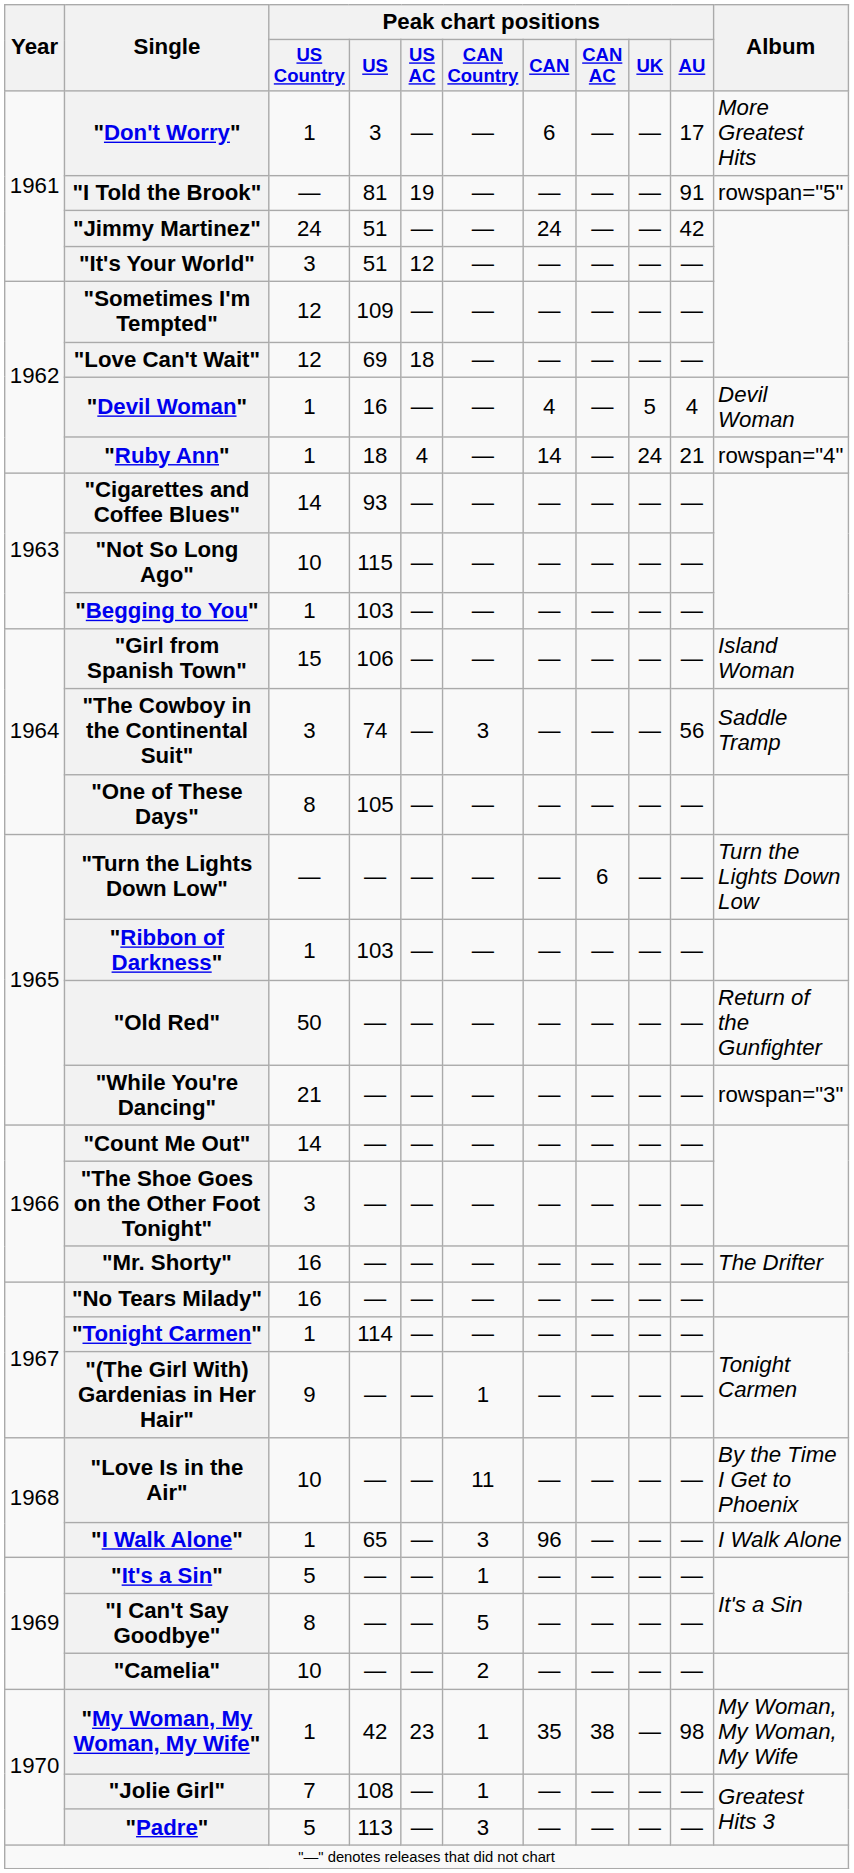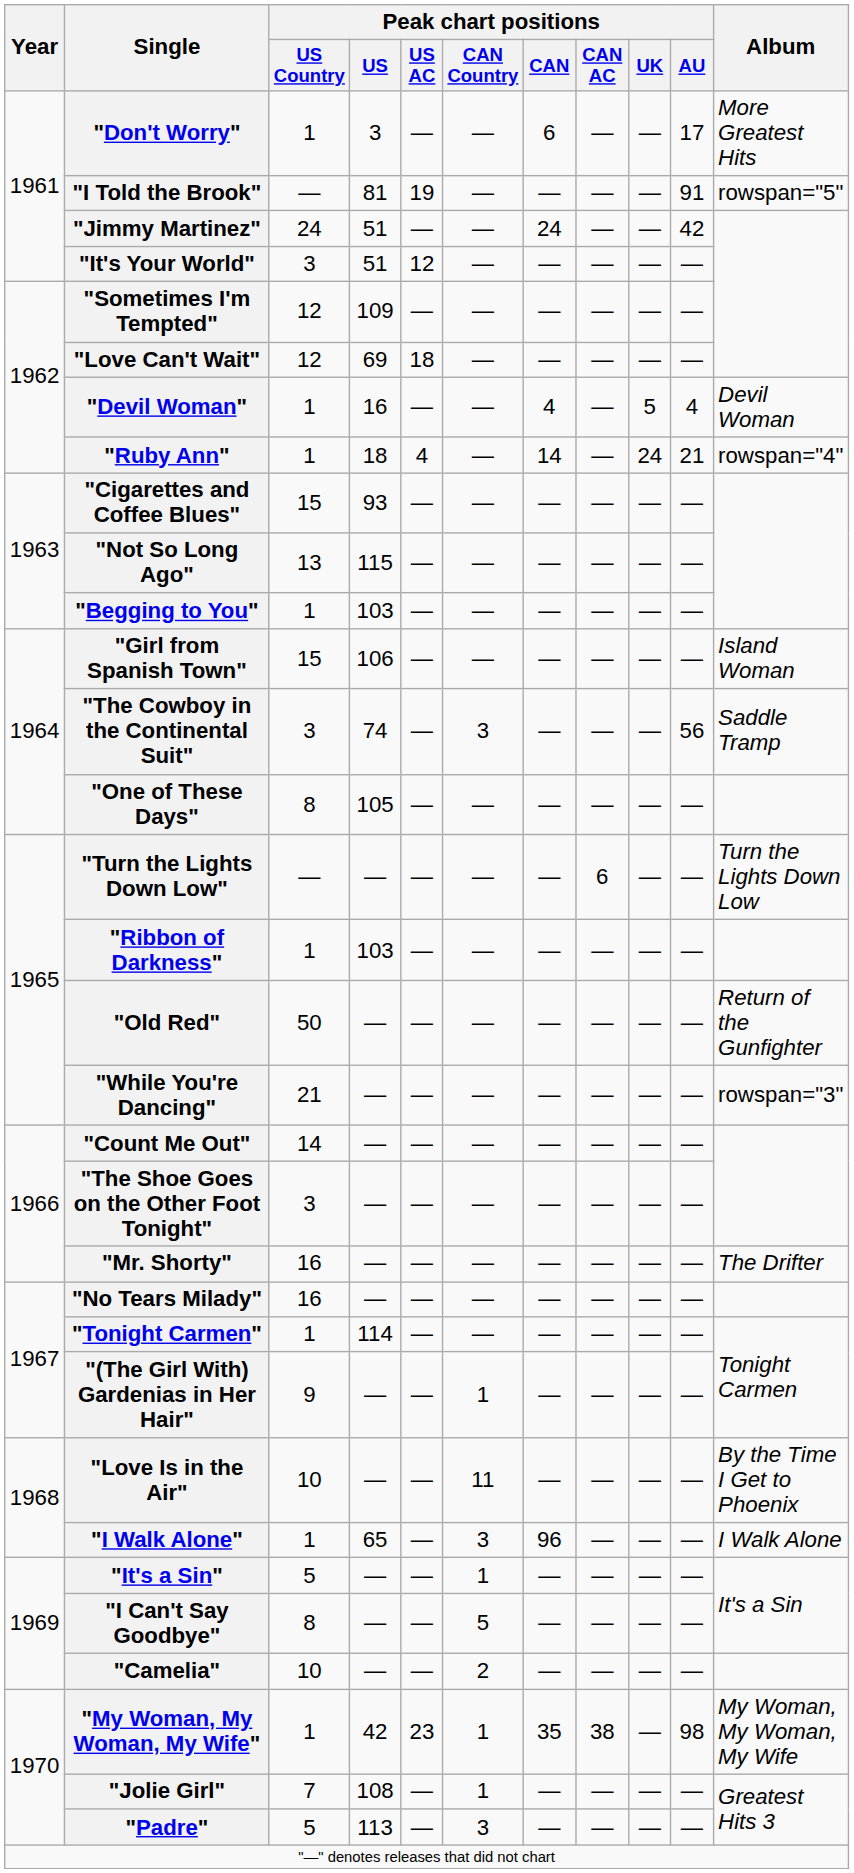 <table class="wikitable plainrowheaders" style="text-align:center;">
 <tr>
 <th rowspan="2">Year</th>
 <th rowspan="2" style="width:22em;">Single</th>
 <th colspan="8">Peak chart positions</th>
 <th rowspan="2">Album</th>
 </tr>
 <tr style="font-size:smaller;">
 <th width="45"><a href='#'>US Country</a><br></th>
 <th width="45"><a href='#'>US</a><br></th>
 <th width="45"><a href='#'>US AC</a><br></th>
 <th width="45"><a href='#'>CAN Country</a><br></th>
 <th width="45"><a href='#'>CAN</a><br></th>
 <th width="45"><a href='#'>CAN AC</a><br></th>
 <th width="45"><a href='#'>UK</a><br></th>
 <th width="45"><a href='#'>AU</a></th>
 </tr>
 <tr>
 <td rowspan="4">1961</td>
 <th scope="row">"<a href='#'>Don't Worry</a>"</th>
 <td>1</td>
 <td>3</td>
 <td>—</td>
 <td>—</td>
 <td>6</td>
 <td>—</td>
 <td>—</td>
 <td>17</td>
 <td align="left"><em>More Greatest Hits</em></td>
 </tr>
 <tr>
 <th scope="row">"I Told the Brook"</th>
 <td>—</td>
 <td>81</td>
 <td>19</td>
 <td>—</td>
 <td>—</td>
 <td>—</td>
 <td>—</td>
 <td>91</td>
 <td>rowspan="5" </td>
 </tr>
 <tr>
 <th scope="row">"Jimmy Martinez"</th>
 <td>24</td>
 <td>51</td>
 <td>—</td>
 <td>—</td>
 <td>24</td>
 <td>—</td>
 <td>—</td>
 <td>42</td>
 </tr>
 <tr>
 <th scope="row">"It's Your World"</th>
 <td>3</td>
 <td>51</td>
 <td>12</td>
 <td>—</td>
 <td>—</td>
 <td>—</td>
 <td>—</td>
 <td>—</td>
 </tr>
 <tr>
 <td rowspan="4">1962</td>
 <th scope="row">"Sometimes I'm Tempted"</th>
 <td>12</td>
 <td>109</td>
 <td>—</td>
 <td>—</td>
 <td>—</td>
 <td>—</td>
 <td>—</td>
 <td>—</td>
 </tr>
 <tr>
 <th scope="row">"Love Can't Wait"</th>
 <td>12</td>
 <td>69</td>
 <td>18</td>
 <td>—</td>
 <td>—</td>
 <td>—</td>
 <td>—</td>
 <td>—</td>
 </tr>
 <tr>
 <th scope="row">"<a href='#'>Devil Woman</a>"</th>
 <td>1</td>
 <td>16</td>
 <td>—</td>
 <td>—</td>
 <td>4</td>
 <td>—</td>
 <td>5</td>
 <td>4</td>
 <td align="left"><em>Devil Woman</em></td>
 </tr>
 <tr>
 <th scope="row">"<a href='#'>Ruby Ann</a>"</th>
 <td>1</td>
 <td>18</td>
 <td>4</td>
 <td>—</td>
 <td>14</td>
 <td>—</td>
 <td>24</td>
 <td>21</td>
 <td>rowspan="4" </td>
 </tr>
 <tr>
 <td rowspan="3">1963</td>
 <th scope="row">"Cigarettes and Coffee Blues"</th>
-<td>14</td>
+<td>15</td>
 <td>93</td>
 <td>—</td>
 <td>—</td>
 <td>—</td>
 <td>—</td>
 <td>—</td>
 <td>—</td>
 </tr>
 <tr>
 <th scope="row">"Not So Long Ago"</th>
-<td>10</td>
+<td>13</td>
 <td>115</td>
 <td>—</td>
 <td>—</td>
 <td>—</td>
 <td>—</td>
 <td>—</td>
 <td>—</td>
 </tr>
 <tr>
 <th scope="row">"<a href='#'>Begging to You</a>"</th>
 <td>1</td>
 <td>103</td>
 <td>—</td>
 <td>—</td>
 <td>—</td>
 <td>—</td>
 <td>—</td>
 <td>—</td>
 </tr>
 <tr>
 <td rowspan="3">1964</td>
 <th scope="row">"Girl from Spanish Town"</th>
 <td>15</td>
 <td>106</td>
 <td>—</td>
 <td>—</td>
 <td>—</td>
 <td>—</td>
 <td>—</td>
 <td>—</td>
 <td align="left"><em>Island Woman</em></td>
 </tr>
 <tr>
 <th scope="row">"The Cowboy in the Continental Suit"</th>
 <td>3</td>
 <td>74</td>
 <td>—</td>
 <td>3</td>
 <td>—</td>
 <td>—</td>
 <td>—</td>
 <td>56</td>
 <td align="left"><em>Saddle Tramp</em></td>
 </tr>
 <tr>
 <th scope="row">"One of These Days"</th>
 <td>8</td>
 <td>105</td>
 <td>—</td>
 <td>—</td>
 <td>—</td>
 <td>—</td>
 <td>—</td>
 <td>—</td>
 <td></td>
 </tr>
 <tr>
 <td rowspan="4">1965</td>
 <th scope="row">"Turn the Lights Down Low"</th>
 <td>—</td>
 <td>—</td>
 <td>—</td>
 <td>—</td>
 <td>—</td>
 <td>6</td>
 <td>—</td>
 <td>—</td>
 <td align="left"><em>Turn the Lights Down Low</em></td>
 </tr>
 <tr>
 <th scope="row">"<a href='#'>Ribbon of Darkness</a>"</th>
 <td>1</td>
 <td>103</td>
 <td>—</td>
 <td>—</td>
 <td>—</td>
 <td>—</td>
 <td>—</td>
 <td>—</td>
 <td></td>
 </tr>
 <tr>
 <th scope="row">"Old Red"</th>
 <td>50</td>
 <td>—</td>
 <td>—</td>
 <td>—</td>
 <td>—</td>
 <td>—</td>
 <td>—</td>
 <td>—</td>
 <td align="left"><em>Return of the Gunfighter</em></td>
 </tr>
 <tr>
 <th scope="row">"While You're Dancing"</th>
 <td>21</td>
 <td>—</td>
 <td>—</td>
 <td>—</td>
 <td>—</td>
 <td>—</td>
 <td>—</td>
 <td>—</td>
 <td>rowspan="3" </td>
 </tr>
 <tr>
 <td rowspan="3">1966</td>
 <th scope="row">"Count Me Out"</th>
 <td>14</td>
 <td>—</td>
 <td>—</td>
 <td>—</td>
 <td>—</td>
 <td>—</td>
 <td>—</td>
 <td>—</td>
 </tr>
 <tr>
 <th scope="row">"The Shoe Goes on the Other Foot Tonight"</th>
 <td>3</td>
 <td>—</td>
 <td>—</td>
 <td>—</td>
 <td>—</td>
 <td>—</td>
 <td>—</td>
 <td>—</td>
 </tr>
 <tr>
 <th scope="row">"Mr. Shorty"</th>
 <td>16</td>
 <td>—</td>
 <td>—</td>
 <td>—</td>
 <td>—</td>
 <td>—</td>
 <td>—</td>
 <td>—</td>
 <td align="left"><em>The Drifter</em></td>
 </tr>
 <tr>
 <td rowspan="3">1967</td>
 <th scope="row">"No Tears Milady"</th>
 <td>16</td>
 <td>—</td>
 <td>—</td>
 <td>—</td>
 <td>—</td>
 <td>—</td>
 <td>—</td>
 <td>—</td>
 <td></td>
 </tr>
 <tr>
 <th scope="row">"<a href='#'>Tonight Carmen</a>"</th>
 <td>1</td>
 <td>114</td>
 <td>—</td>
 <td>—</td>
 <td>—</td>
 <td>—</td>
 <td>—</td>
 <td>—</td>
 <td align="left" rowspan="2"><em>Tonight Carmen</em></td>
 </tr>
 <tr>
 <th scope="row">"(The Girl With) Gardenias in Her Hair"</th>
 <td>9</td>
 <td>—</td>
 <td>—</td>
 <td>1</td>
 <td>—</td>
 <td>—</td>
 <td>—</td>
 <td>—</td>
 </tr>
 <tr>
 <td rowspan="2">1968</td>
 <th scope="row">"Love Is in the Air"</th>
 <td>10</td>
 <td>—</td>
 <td>—</td>
 <td>11</td>
 <td>—</td>
 <td>—</td>
 <td>—</td>
 <td>—</td>
 <td align="left"><em>By the Time I Get to Phoenix</em></td>
 </tr>
 <tr>
 <th scope="row">"<a href='#'>I Walk Alone</a>"</th>
 <td>1</td>
 <td>65</td>
 <td>—</td>
 <td>3</td>
 <td>96</td>
 <td>—</td>
 <td>—</td>
 <td>—</td>
 <td align="left"><em>I Walk Alone</em></td>
 </tr>
 <tr>
 <td rowspan="3">1969</td>
 <th scope="row">"<a href='#'>It's a Sin</a>"</th>
 <td>5</td>
 <td>—</td>
 <td>—</td>
 <td>1</td>
 <td>—</td>
 <td>—</td>
 <td>—</td>
 <td>—</td>
 <td align="left" rowspan="2"><em>It's a Sin</em></td>
 </tr>
 <tr>
 <th scope="row">"I Can't Say Goodbye"</th>
 <td>8</td>
 <td>—</td>
 <td>—</td>
 <td>5</td>
 <td>—</td>
 <td>—</td>
 <td>—</td>
 <td>—</td>
 </tr>
 <tr>
 <th scope="row">"Camelia"</th>
 <td>10</td>
 <td>—</td>
 <td>—</td>
 <td>2</td>
 <td>—</td>
 <td>—</td>
 <td>—</td>
 <td>—</td>
 <td></td>
 </tr>
 <tr>
 <td rowspan="3">1970</td>
 <th scope="row">"<a href='#'>My Woman, My Woman, My Wife</a>"</th>
 <td>1</td>
 <td>42</td>
 <td>23</td>
 <td>1</td>
 <td>35</td>
 <td>38</td>
 <td>—</td>
 <td>98</td>
 <td align="left"><em>My Woman, My Woman, My Wife</em></td>
 </tr>
 <tr>
 <th scope="row">"Jolie Girl"</th>
 <td>7</td>
 <td>108</td>
 <td>—</td>
 <td>1</td>
 <td>—</td>
 <td>—</td>
 <td>—</td>
 <td>—</td>
 <td align="left" rowspan="2"><em>Greatest Hits 3</em></td>
 </tr>
 <tr>
 <th scope="row">"<a href='#'>Padre</a>"</th>
 <td>5</td>
 <td>113</td>
 <td>—</td>
 <td>3</td>
 <td>—</td>
 <td>—</td>
 <td>—</td>
 <td>—</td>
 </tr>
 <tr>
 <td colspan="11" style="font-size:8pt">"—" denotes releases that did not chart</td>
 </tr>
 <tr>
 </tr>
 </table>
